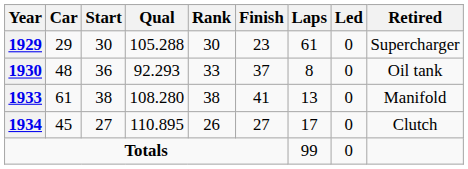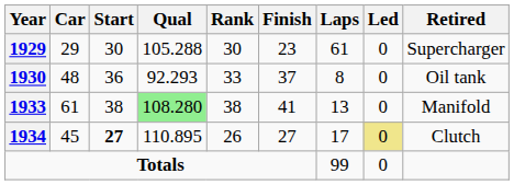 <table class="wikitable" style="text-align:center">
 <tr>
 <th>Year</th>
 <th>Car</th>
 <th>Start</th>
 <th>Qual</th>
 <th>Rank</th>
 <th>Finish</th>
 <th>Laps</th>
 <th>Led</th>
 <th>Retired</th>
 </tr>
 <tr>
 <th><a href='#'>1929</a></th>
 <td>29</td>
 <td>30</td>
 <td>105.288</td>
 <td>30</td>
 <td>23</td>
 <td>61</td>
 <td>0</td>
 <td>Supercharger</td>
 </tr>
 <tr>
 <th><a href='#'>1930</a></th>
 <td>48</td>
 <td>36</td>
 <td>92.293</td>
 <td>33</td>
 <td>37</td>
 <td>8</td>
 <td>0</td>
 <td>Oil tank</td>
 </tr>
 <tr>
 <th><a href='#'>1933</a></th>
 <td>61</td>
 <td>38</td>
-<td>108.280</td>
+<td style="background: lightgreen;">108.280</td>
 <td>38</td>
 <td>41</td>
 <td>13</td>
 <td>0</td>
 <td>Manifold</td>
 </tr>
 <tr>
 <th><a href='#'>1934</a></th>
 <td>45</td>
-<td>27</td>
+<td><strong>27</strong></td>
 <td>110.895</td>
 <td>26</td>
 <td>27</td>
 <td>17</td>
-<td>0</td>
+<td style="background: khaki;">0</td>
 <td>Clutch</td>
 </tr>
 <tr>
 <td colspan=6><strong>Totals</strong></td>
 <td>99</td>
 <td>0</td>
 <td></td>
 </tr>
 </table>
